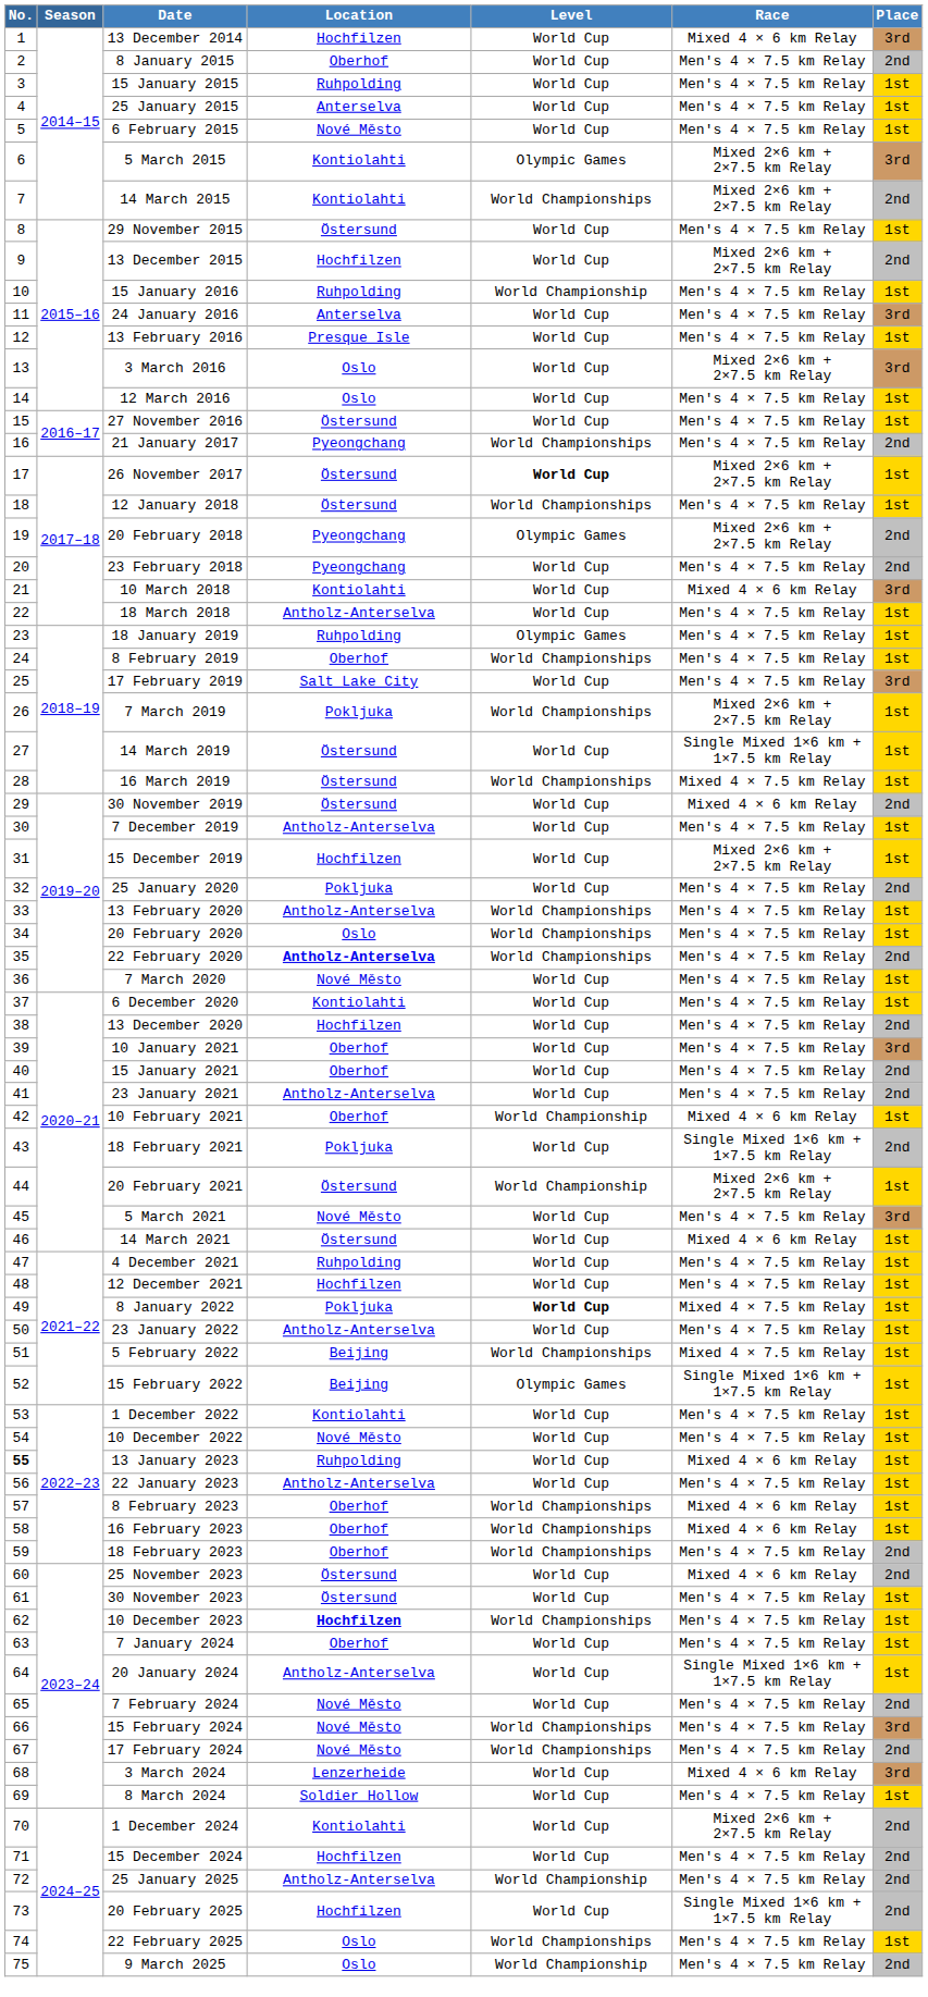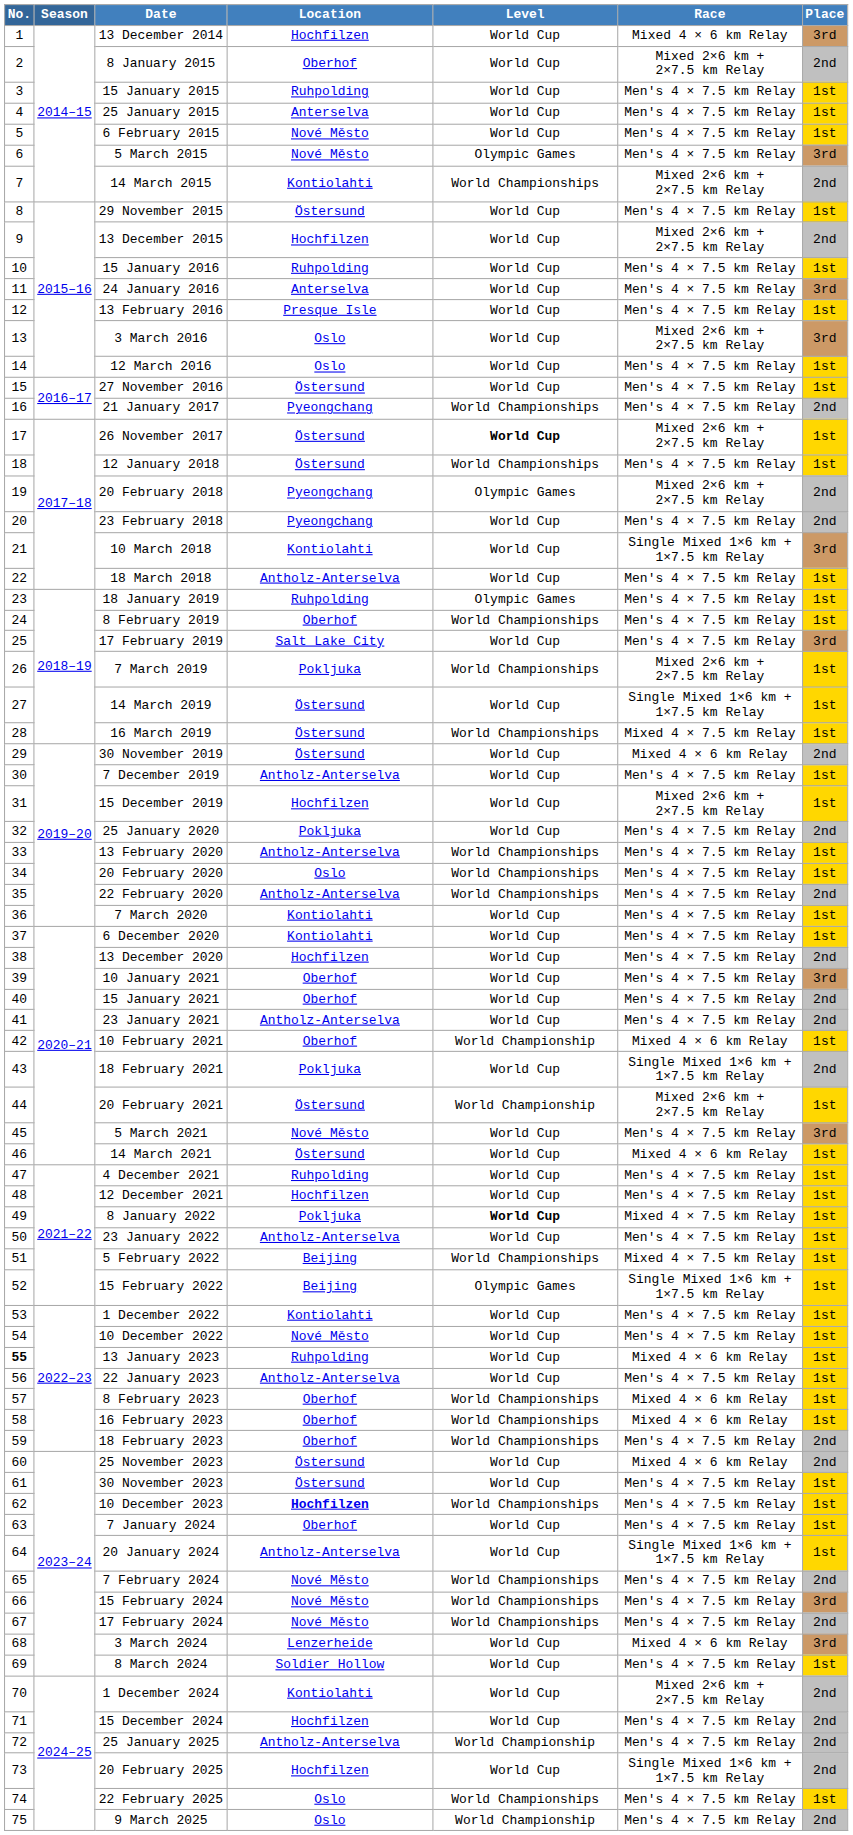 <table class="wikitable sortable" style="font-size:95%; text-align:center; border:grey solid 1px; border-collapse:collapse; background:#ffffff;">
 <tr style="background:#efefef;">
 <th style="background-color:#369; color:white;">No.</th>
 <th style="background-color:#369; color:white;">Season</th>
 <th style="background-color:#4180be; color:white; width:120px;">Date</th>
 <th style="background-color:#4180be; color:white; width:190px;">Location</th>
 <th style="background-color:#4180be; color:white; width:170px;">Level</th>
 <th style="background-color:#4180be; color:white; width:170px;">Race</th>
 <th style="background-color:#4180be; color:white;">Place</th>
 </tr>
 <tr>
 <td align=center>1</td>
 <td rowspan=7><a href='#'>2014–15</a></td>
 <td>13 December 2014</td>
 <td> <a href='#'>Hochfilzen</a></td>
 <td>World Cup</td>
 <td>Mixed 4 × 6 km Relay</td>
 <td align=center bgcolor="cc9966">3rd</td>
 </tr>
 <tr>
 <td align=center>2</td>
 <td>8 January 2015</td>
 <td> <a href='#'>Oberhof</a></td>
 <td>World Cup</td>
-<td>Men's 4 × 7.5 km Relay</td>
+<td>Mixed 2×6 km + 2×7.5 km Relay</td>
 <td align=center bgcolor="silver">2nd</td>
 </tr>
 <tr>
 <td align=center>3</td>
 <td>15 January 2015</td>
 <td> <a href='#'>Ruhpolding</a></td>
 <td>World Cup</td>
 <td>Men's 4 × 7.5 km Relay</td>
 <td align=center bgcolor="gold">1st</td>
 </tr>
 <tr>
 <td align=center>4</td>
 <td>25 January 2015</td>
 <td> <a href='#'>Anterselva</a></td>
 <td>World Cup</td>
 <td>Men's 4 × 7.5 km Relay</td>
 <td align=center bgcolor="gold">1st</td>
 </tr>
 <tr>
 <td align=center>5</td>
 <td>6 February 2015</td>
 <td> <a href='#'>Nové Město</a></td>
 <td>World Cup</td>
 <td>Men's 4 × 7.5 km Relay</td>
 <td align=center bgcolor="gold">1st</td>
 </tr>
 <tr>
 <td align=center>6</td>
 <td>5 March 2015</td>
-<td> <a href='#'>Kontiolahti</a></td>
+<td> <a href='#'>Nové Město</a></td>
 <td>Olympic Games</td>
-<td>Mixed 2×6 km + 2×7.5 km Relay</td>
+<td>Men's 4 × 7.5 km Relay</td>
 <td align=center bgcolor="cc9966">3rd</td>
 </tr>
 <tr>
 <td align=center>7</td>
 <td>14 March 2015</td>
 <td> <a href='#'>Kontiolahti</a></td>
 <td>World Championships</td>
 <td>Mixed 2×6 km + 2×7.5 km Relay</td>
 <td align=center bgcolor="silver">2nd</td>
 </tr>
 <tr>
 <td align=center>8</td>
 <td rowspan=7><a href='#'>2015–16</a></td>
 <td>29 November 2015</td>
 <td> <a href='#'>Östersund</a></td>
 <td>World Cup</td>
 <td>Men's 4 × 7.5 km Relay</td>
 <td align=center bgcolor="gold">1st</td>
 </tr>
 <tr>
 <td align=center>9</td>
 <td>13 December 2015</td>
 <td> <a href='#'>Hochfilzen</a></td>
 <td>World Cup</td>
 <td>Mixed 2×6 km + 2×7.5 km Relay</td>
 <td align=center bgcolor="silver">2nd</td>
 </tr>
 <tr>
 <td align=center>10</td>
 <td>15 January 2016</td>
 <td> <a href='#'>Ruhpolding</a></td>
-<td>World Championship</td>
+<td>World Cup</td>
 <td>Men's 4 × 7.5 km Relay</td>
 <td align=center bgcolor="gold">1st</td>
 </tr>
 <tr>
 <td align=center>11</td>
 <td>24 January 2016</td>
 <td> <a href='#'>Anterselva</a></td>
 <td>World Cup</td>
 <td>Men's 4 × 7.5 km Relay</td>
 <td align=center bgcolor="cc9966">3rd</td>
 </tr>
 <tr>
 <td align=center>12</td>
 <td>13 February 2016</td>
 <td> <a href='#'>Presque Isle</a></td>
 <td>World Cup</td>
 <td>Men's 4 × 7.5 km Relay</td>
 <td align=center bgcolor="gold">1st</td>
 </tr>
 <tr>
 <td align=center>13</td>
 <td>3 March 2016</td>
 <td> <a href='#'>Oslo</a></td>
 <td>World Cup</td>
 <td>Mixed 2×6 km + 2×7.5 km Relay</td>
 <td align=center bgcolor="cc9966">3rd</td>
 </tr>
 <tr>
 <td align=center>14</td>
 <td>12 March 2016</td>
 <td> <a href='#'>Oslo</a></td>
 <td>World Cup</td>
 <td>Men's 4 × 7.5 km Relay</td>
 <td align=center bgcolor="gold">1st</td>
 </tr>
 <tr>
 <td align=center>15</td>
 <td rowspan=2><a href='#'>2016–17</a></td>
 <td>27 November 2016</td>
 <td> <a href='#'>Östersund</a></td>
 <td>World Cup</td>
 <td>Men's 4 × 7.5 km Relay</td>
 <td align=center bgcolor="gold">1st</td>
 </tr>
 <tr>
 <td align=center>16</td>
 <td>21 January 2017</td>
 <td> <a href='#'>Pyeongchang</a></td>
 <td>World Championships</td>
 <td>Men's 4 × 7.5 km Relay</td>
 <td align=center bgcolor="silver">2nd</td>
 </tr>
 <tr>
 <td align=center>17</td>
 <td rowspan=6><a href='#'>2017–18</a></td>
 <td>26 November 2017</td>
 <td> <a href='#'>Östersund</a></td>
 <td><strong>World Cup</strong></td>
 <td>Mixed 2×6 km + 2×7.5 km Relay</td>
 <td align=center bgcolor="gold">1st</td>
 </tr>
 <tr>
 <td align=center>18</td>
 <td>12 January 2018</td>
 <td> <a href='#'>Östersund</a></td>
 <td>World Championships</td>
 <td>Men's 4 × 7.5 km Relay</td>
 <td align=center bgcolor="gold">1st</td>
 </tr>
 <tr>
 <td align=center>19</td>
 <td>20 February 2018</td>
 <td> <a href='#'>Pyeongchang</a></td>
 <td>Olympic Games</td>
 <td>Mixed 2×6 km + 2×7.5 km Relay</td>
 <td align=center bgcolor="silver">2nd</td>
 </tr>
 <tr>
 <td align=center>20</td>
 <td>23 February 2018</td>
 <td> <a href='#'>Pyeongchang</a></td>
 <td>World Cup</td>
 <td>Men's 4 × 7.5 km Relay</td>
 <td align=center bgcolor="silver">2nd</td>
 </tr>
 <tr>
 <td align=center>21</td>
 <td>10 March 2018</td>
 <td> <a href='#'>Kontiolahti</a></td>
 <td>World Cup</td>
-<td>Mixed 4 × 6 km Relay</td>
+<td>Single Mixed 1×6 km + 1×7.5 km Relay</td>
 <td align=center bgcolor="cc9966">3rd</td>
 </tr>
 <tr>
 <td align=center>22</td>
 <td>18 March 2018</td>
 <td> <a href='#'>Antholz-Anterselva</a></td>
 <td>World Cup</td>
 <td>Men's 4 × 7.5 km Relay</td>
 <td align=center bgcolor="gold">1st</td>
 </tr>
 <tr>
 <td align=center>23</td>
 <td rowspan=6><a href='#'>2018–19</a></td>
 <td>18 January 2019</td>
 <td> <a href='#'>Ruhpolding</a></td>
 <td>Olympic Games</td>
 <td>Men's 4 × 7.5 km Relay</td>
 <td align=center bgcolor="gold">1st</td>
 </tr>
 <tr>
 <td align=center>24</td>
 <td>8 February 2019</td>
 <td> <a href='#'>Oberhof</a></td>
 <td>World Championships</td>
 <td>Men's 4 × 7.5 km Relay</td>
 <td align=center bgcolor="gold">1st</td>
 </tr>
 <tr>
 <td align=center>25</td>
 <td>17 February 2019</td>
 <td> <a href='#'>Salt Lake City</a></td>
 <td>World Cup</td>
 <td>Men's 4 × 7.5 km Relay</td>
 <td align=center bgcolor="cc9966">3rd</td>
 </tr>
 <tr>
 <td align=center>26</td>
 <td>7 March 2019</td>
 <td> <a href='#'>Pokljuka</a></td>
 <td>World Championships</td>
 <td>Mixed 2×6 km + 2×7.5 km Relay</td>
 <td align=center bgcolor="gold">1st</td>
 </tr>
 <tr>
 <td align=center>27</td>
 <td>14 March 2019</td>
 <td> <a href='#'>Östersund</a></td>
 <td>World Cup</td>
 <td>Single Mixed 1×6 km + 1×7.5 km Relay</td>
 <td align=center bgcolor="gold">1st</td>
 </tr>
 <tr>
 <td align=center>28</td>
 <td>16 March 2019</td>
 <td> <a href='#'>Östersund</a></td>
 <td>World Championships</td>
 <td>Mixed 4 × 7.5 km Relay</td>
 <td align=center bgcolor="gold">1st</td>
 </tr>
 <tr>
 <td align=center>29</td>
 <td rowspan=8><a href='#'>2019–20</a></td>
 <td>30 November 2019</td>
 <td> <a href='#'>Östersund</a></td>
 <td>World Cup</td>
 <td>Mixed 4 × 6 km Relay</td>
 <td align=center bgcolor="silver">2nd</td>
 </tr>
 <tr>
 <td align=center>30</td>
 <td>7 December 2019</td>
 <td> <a href='#'>Antholz-Anterselva</a></td>
 <td>World Cup</td>
 <td>Men's 4 × 7.5 km Relay</td>
 <td align=center bgcolor="gold">1st</td>
 </tr>
 <tr>
 <td align=center>31</td>
 <td>15 December 2019</td>
 <td> <a href='#'>Hochfilzen</a></td>
 <td>World Cup</td>
 <td>Mixed 2×6 km + 2×7.5 km Relay</td>
 <td align=center bgcolor="gold">1st</td>
 </tr>
 <tr>
 <td align=center>32</td>
 <td>25 January 2020</td>
 <td> <a href='#'>Pokljuka</a></td>
 <td>World Cup</td>
 <td>Men's 4 × 7.5 km Relay</td>
 <td align=center bgcolor="silver">2nd</td>
 </tr>
 <tr>
 <td align=center>33</td>
 <td>13 February 2020</td>
 <td> <a href='#'>Antholz-Anterselva</a></td>
 <td>World Championships</td>
 <td>Men's 4 × 7.5 km Relay</td>
 <td align=center bgcolor="gold">1st</td>
 </tr>
 <tr>
 <td align=center>34</td>
 <td>20 February 2020</td>
 <td> <a href='#'>Oslo</a></td>
 <td>World Championships</td>
 <td>Men's 4 × 7.5 km Relay</td>
 <td align=center bgcolor="gold">1st</td>
 </tr>
 <tr>
 <td align=center>35</td>
 <td>22 February 2020</td>
-<td><strong> <a href='#'>Antholz-Anterselva</a></strong></td>
+<td> <a href='#'>Antholz-Anterselva</a></td>
 <td>World Championships</td>
 <td>Men's 4 × 7.5 km Relay</td>
 <td align=center bgcolor="silver">2nd</td>
 </tr>
 <tr>
 <td align=center>36</td>
 <td>7 March 2020</td>
-<td> <a href='#'>Nové Město</a></td>
+<td> <a href='#'>Kontiolahti</a></td>
 <td>World Cup</td>
 <td>Men's 4 × 7.5 km Relay</td>
 <td align=center bgcolor="gold">1st</td>
 </tr>
 <tr>
 <td align=center>37</td>
 <td rowspan=10><a href='#'>2020–21</a></td>
 <td>6 December 2020</td>
 <td> <a href='#'>Kontiolahti</a></td>
 <td>World Cup</td>
 <td>Men's 4 × 7.5 km Relay</td>
 <td align=center bgcolor="gold">1st</td>
 </tr>
 <tr>
 <td align=center>38</td>
 <td>13 December 2020</td>
 <td> <a href='#'>Hochfilzen</a></td>
 <td>World Cup</td>
 <td>Men's 4 × 7.5 km Relay</td>
 <td align=center bgcolor="silver">2nd</td>
 </tr>
 <tr>
 <td align=center>39</td>
 <td>10 January 2021</td>
 <td> <a href='#'>Oberhof</a></td>
 <td>World Cup</td>
 <td>Men's 4 × 7.5 km Relay</td>
 <td align=center bgcolor="cc9966">3rd</td>
 </tr>
 <tr>
 <td align=center>40</td>
 <td>15 January 2021</td>
 <td> <a href='#'>Oberhof</a></td>
 <td>World Cup</td>
 <td>Men's 4 × 7.5 km Relay</td>
 <td align=center bgcolor="silver">2nd</td>
 </tr>
 <tr>
 <td align=center>41</td>
 <td>23 January 2021</td>
 <td> <a href='#'>Antholz-Anterselva</a></td>
 <td>World Cup</td>
 <td>Men's 4 × 7.5 km Relay</td>
 <td align=center bgcolor="silver">2nd</td>
 </tr>
 <tr>
 <td align=center>42</td>
 <td>10 February 2021</td>
 <td> <a href='#'>Oberhof</a></td>
 <td>World Championship</td>
 <td>Mixed 4 × 6 km Relay</td>
 <td align=center bgcolor="gold">1st</td>
 </tr>
 <tr>
 <td align=center>43</td>
 <td>18 February 2021</td>
 <td> <a href='#'>Pokljuka</a></td>
 <td>World Cup</td>
 <td>Single Mixed 1×6 km + 1×7.5 km Relay</td>
 <td align=center bgcolor="silver">2nd</td>
 </tr>
 <tr>
 <td align=center>44</td>
 <td>20 February 2021</td>
 <td> <a href='#'>Östersund</a></td>
 <td>World Championship</td>
 <td>Mixed 2×6 km + 2×7.5 km Relay</td>
 <td align=center bgcolor="gold">1st</td>
 </tr>
 <tr>
 <td align=center>45</td>
 <td>5 March 2021</td>
 <td> <a href='#'>Nové Město</a></td>
 <td>World Cup</td>
 <td>Men's 4 × 7.5 km Relay</td>
 <td align=center bgcolor="cc9966">3rd</td>
 </tr>
 <tr>
 <td align=center>46</td>
 <td>14 March 2021</td>
 <td> <a href='#'>Östersund</a></td>
 <td>World Cup</td>
 <td>Mixed 4 × 6 km Relay</td>
 <td align=center bgcolor="gold">1st</td>
 </tr>
 <tr>
 <td align=center>47</td>
 <td rowspan=6><a href='#'>2021–22</a></td>
 <td>4 December 2021</td>
 <td> <a href='#'>Ruhpolding</a></td>
 <td>World Cup</td>
 <td>Men's 4 × 7.5 km Relay</td>
 <td align=center bgcolor="gold">1st</td>
 </tr>
 <tr>
 <td align=center>48</td>
 <td>12 December 2021</td>
 <td> <a href='#'>Hochfilzen</a></td>
 <td>World Cup</td>
 <td>Men's 4 × 7.5 km Relay</td>
 <td align=center bgcolor="gold">1st</td>
 </tr>
 <tr>
 <td align=center>49</td>
 <td>8 January 2022</td>
 <td> <a href='#'>Pokljuka</a></td>
 <td><strong>World Cup</strong></td>
 <td>Mixed 4 × 7.5 km Relay</td>
 <td align=center bgcolor="gold">1st</td>
 </tr>
 <tr>
 <td align=center>50</td>
 <td>23 January 2022</td>
 <td> <a href='#'>Antholz-Anterselva</a></td>
 <td>World Cup</td>
 <td>Men's 4 × 7.5 km Relay</td>
 <td align=center bgcolor="gold">1st</td>
 </tr>
 <tr>
 <td align=center>51</td>
 <td>5 February 2022</td>
 <td> <a href='#'>Beijing</a></td>
 <td>World Championships</td>
 <td>Mixed 4 × 7.5 km Relay</td>
 <td align=center bgcolor="gold">1st</td>
 </tr>
 <tr>
 <td align=center>52</td>
 <td>15 February 2022</td>
 <td> <a href='#'>Beijing</a></td>
 <td>Olympic Games</td>
 <td>Single Mixed 1×6 km + 1×7.5 km Relay</td>
 <td align=center bgcolor="gold">1st</td>
 </tr>
 <tr>
 <td align=center>53</td>
 <td rowspan=7><a href='#'>2022–23</a></td>
 <td>1 December 2022</td>
 <td> <a href='#'>Kontiolahti</a></td>
 <td>World Cup</td>
 <td>Men's 4 × 7.5 km Relay</td>
 <td align=center bgcolor="gold">1st</td>
 </tr>
 <tr>
 <td align=center>54</td>
 <td>10 December 2022</td>
 <td> <a href='#'>Nové Město</a></td>
 <td>World Cup</td>
 <td>Men's 4 × 7.5 km Relay</td>
 <td align=center bgcolor="gold">1st</td>
 </tr>
 <tr>
 <td align=center><strong>55</strong></td>
 <td>13 January 2023</td>
 <td> <a href='#'>Ruhpolding</a></td>
 <td>World Cup</td>
 <td>Mixed 4 × 6 km Relay</td>
 <td align=center bgcolor="gold">1st</td>
 </tr>
 <tr>
 <td align=center>56</td>
 <td>22 January 2023</td>
 <td> <a href='#'>Antholz-Anterselva</a></td>
 <td>World Cup</td>
 <td>Men's 4 × 7.5 km Relay</td>
 <td align=center bgcolor="gold">1st</td>
 </tr>
 <tr>
 <td align=center>57</td>
 <td>8 February 2023</td>
 <td> <a href='#'>Oberhof</a></td>
 <td>World Championships</td>
 <td>Mixed 4 × 6 km Relay</td>
 <td align=center bgcolor="gold">1st</td>
 </tr>
 <tr>
 <td align=center>58</td>
 <td>16 February 2023</td>
 <td> <a href='#'>Oberhof</a></td>
 <td>World Championships</td>
 <td>Mixed 4 × 6 km Relay</td>
 <td align=center bgcolor="gold">1st</td>
 </tr>
 <tr>
 <td align=center>59</td>
 <td>18 February 2023</td>
 <td> <a href='#'>Oberhof</a></td>
 <td>World Championships</td>
 <td>Men's 4 × 7.5 km Relay</td>
 <td align=center bgcolor="silver">2nd</td>
 </tr>
 <tr>
 <td align=center>60</td>
 <td rowspan=10><a href='#'>2023–24</a></td>
 <td>25 November 2023</td>
 <td> <a href='#'>Östersund</a></td>
 <td>World Cup</td>
 <td>Mixed 4 × 6 km Relay</td>
 <td align=center bgcolor="silver">2nd</td>
 </tr>
 <tr>
 <td align=center>61</td>
 <td>30 November 2023</td>
 <td> <a href='#'>Östersund</a></td>
 <td>World Cup</td>
 <td>Men's 4 × 7.5 km Relay</td>
 <td align=center bgcolor="gold">1st</td>
 </tr>
 <tr>
 <td align=center>62</td>
 <td>10 December 2023</td>
 <td><strong> <a href='#'>Hochfilzen</a></strong></td>
 <td>World Championships</td>
 <td>Men's 4 × 7.5 km Relay</td>
 <td align=center bgcolor="gold">1st</td>
 </tr>
 <tr>
 <td align=center>63</td>
 <td>7 January 2024</td>
 <td> <a href='#'>Oberhof</a></td>
 <td>World Cup</td>
 <td>Men's 4 × 7.5 km Relay</td>
 <td align=center bgcolor="gold">1st</td>
 </tr>
 <tr>
 <td align=center>64</td>
 <td>20 January 2024</td>
 <td> <a href='#'>Antholz-Anterselva</a></td>
 <td>World Cup</td>
 <td>Single Mixed 1×6 km + 1×7.5 km Relay</td>
 <td align=center bgcolor="gold">1st</td>
 </tr>
 <tr>
 <td align=center>65</td>
 <td>7 February 2024</td>
 <td> <a href='#'>Nové Město</a></td>
-<td>World Cup</td>
+<td>World Championships</td>
 <td>Men's 4 × 7.5 km Relay</td>
 <td align=center bgcolor="silver">2nd</td>
 </tr>
 <tr>
 <td align=center>66</td>
 <td>15 February 2024</td>
 <td> <a href='#'>Nové Město</a></td>
 <td>World Championships</td>
 <td>Men's 4 × 7.5 km Relay</td>
 <td align=center bgcolor="cc9966">3rd</td>
 </tr>
 <tr>
 <td align=center>67</td>
 <td>17 February 2024</td>
 <td> <a href='#'>Nové Město</a></td>
 <td>World Championships</td>
 <td>Men's 4 × 7.5 km Relay</td>
 <td align=center bgcolor="silver">2nd</td>
 </tr>
 <tr>
 <td align=center>68</td>
 <td>3 March 2024</td>
 <td> <a href='#'>Lenzerheide</a></td>
 <td>World Cup</td>
 <td>Mixed 4 × 6 km Relay</td>
 <td align=center bgcolor="cc9966">3rd</td>
 </tr>
 <tr>
 <td align=center>69</td>
 <td>8 March 2024</td>
 <td> <a href='#'>Soldier Hollow</a></td>
 <td>World Cup</td>
 <td>Men's 4 × 7.5 km Relay</td>
 <td align=center bgcolor="gold">1st</td>
 </tr>
 <tr>
 <td align=center>70</td>
 <td rowspan=6><a href='#'>2024–25</a></td>
 <td>1 December 2024</td>
 <td> <a href='#'>Kontiolahti</a></td>
 <td>World Cup</td>
 <td>Mixed 2×6 km + 2×7.5 km Relay</td>
 <td align=center bgcolor="silver">2nd</td>
 </tr>
 <tr>
 <td align=center>71</td>
 <td>15 December 2024</td>
 <td> <a href='#'>Hochfilzen</a></td>
 <td>World Cup</td>
 <td>Men's 4 × 7.5 km Relay</td>
 <td align=center bgcolor="silver">2nd</td>
 </tr>
 <tr>
 <td align=center>72</td>
 <td>25 January 2025</td>
 <td> <a href='#'>Antholz-Anterselva</a></td>
 <td>World Championship</td>
 <td>Men's 4 × 7.5 km Relay</td>
 <td align=center bgcolor="silver">2nd</td>
 </tr>
 <tr>
 <td align=center>73</td>
 <td>20 February 2025</td>
 <td> <a href='#'>Hochfilzen</a></td>
 <td>World Cup</td>
 <td>Single Mixed 1×6 km + 1×7.5 km Relay</td>
 <td align=center bgcolor="silver">2nd</td>
 </tr>
 <tr>
 <td align=center>74</td>
 <td>22 February 2025</td>
 <td> <a href='#'>Oslo</a></td>
 <td>World Championships</td>
 <td>Men's 4 × 7.5 km Relay</td>
 <td align=center bgcolor="gold">1st</td>
 </tr>
 <tr>
 <td align=center>75</td>
 <td>9 March 2025</td>
 <td> <a href='#'>Oslo</a></td>
 <td>World Championship</td>
 <td>Men's 4 × 7.5 km Relay</td>
 <td align=center bgcolor="silver">2nd</td>
 </tr>
 </table>
